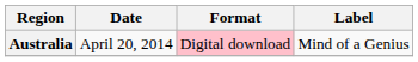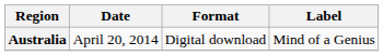 <table class="wikitable sortable plainrowheaders">
 <tr>
 <th scope="col">Region</th>
 <th scope="col">Date</th>
 <th scope="col">Format</th>
 <th scope="col">Label</th>
 </tr>
 <tr>
 <th scope="row">Australia</th>
 <td>April 20, 2014</td>
-<td style="background: pink;">Digital download</td>
+<td>Digital download</td>
 <td>Mind of a Genius</td>
 </tr>
 <tr>
 </tr>
 </table>
